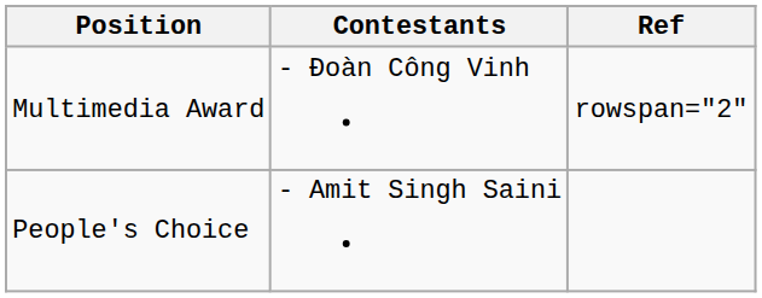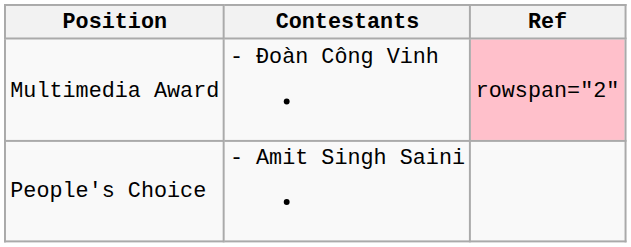 <table class="wikitable" style="font-size: 85%;">
 <tr>
 <th>Position</th>
 <th>Contestants</th>
 <th>Ref</th>
 </tr>
 <tr>
 <td>Multimedia Award</td>
 <td> - Đoàn Công Vinh<br><ul><li></li></ul></td>
-<td>rowspan="2" </td>
+<td style="background: pink;">rowspan="2" </td>
 </tr>
 <tr>
 <td>People's Choice</td>
 <td> - Amit Singh Saini<br><ul><li></li></ul></td>
 </tr>
 </table>
